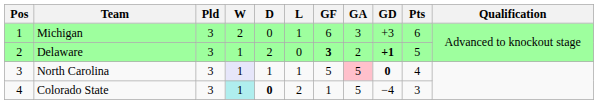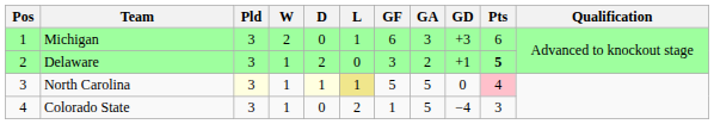 <table class="wikitable" style="text-align:center; margin: 1em auto">
 <tr>
 <th style="width:2em">Pos</th>
 <th style="width:13em">Team</th>
 <th style="width:2em">Pld</th>
 <th style="width:2em">W</th>
 <th style="width:2em">D</th>
 <th style="width:2em">L</th>
 <th style="width:2em">GF</th>
 <th style="width:2em">GA</th>
 <th style="width:2em">GD</th>
 <th style="width:2em">Pts</th>
 <th style="width:13em">Qualification</th>
 </tr>
 <tr bgcolor="#9eff9e">
 <td>1</td>
 <td style="text-align:left">Michigan</td>
 <td>3</td>
 <td>2</td>
 <td>0</td>
 <td>1</td>
 <td>6</td>
 <td>3</td>
 <td>+3</td>
 <td>6</td>
 <td rowspan="2">Advanced to knockout stage</td>
 </tr>
 <tr bgcolor="#9eff9e">
 <td>2</td>
 <td style="text-align:left">Delaware</td>
 <td>3</td>
 <td>1</td>
 <td>2</td>
 <td>0</td>
-<td><strong>3</strong></td>
+<td>3</td>
 <td>2</td>
-<td><strong>+1</strong></td>
-<td>5</td>
+<td>+1</td>
+<td><strong>5</strong></td>
 </tr>
 <tr>
 <td>3</td>
 <td style="text-align:left">North Carolina</td>
-<td>3</td>
-<td style="background: lavender;">1</td>
+<td style="background: lightyellow;">3</td>
 <td>1</td>
-<td>1</td>
+<td style="background: lightyellow;">1</td>
+<td style="background: khaki;">1</td>
 <td>5</td>
-<td style="background: pink;">5</td>
-<td><strong>0</strong></td>
-<td>4</td>
+<td>5</td>
+<td>0</td>
+<td style="background: pink;">4</td>
 </tr>
 <tr>
 <td>4</td>
 <td style="text-align:left">Colorado State</td>
 <td>3</td>
-<td style="background: paleturquoise;">1</td>
-<td><strong>0</strong></td>
+<td>1</td>
+<td>0</td>
 <td>2</td>
 <td>1</td>
 <td>5</td>
 <td>−4</td>
 <td>3</td>
 </tr>
 </table>
